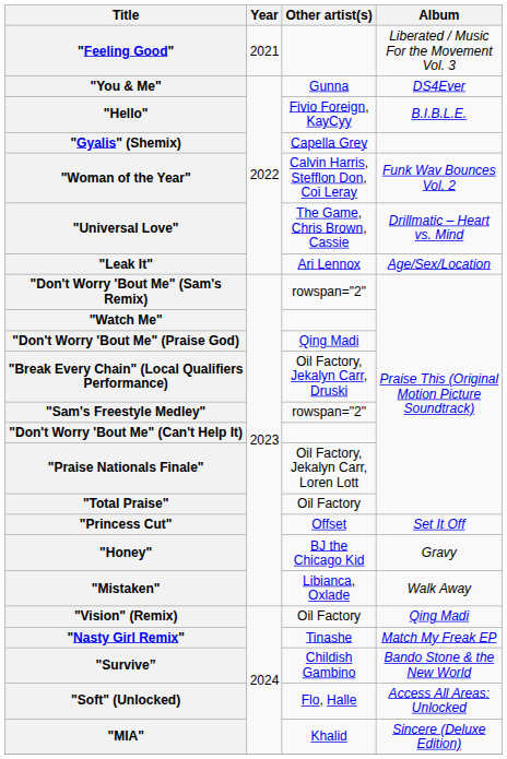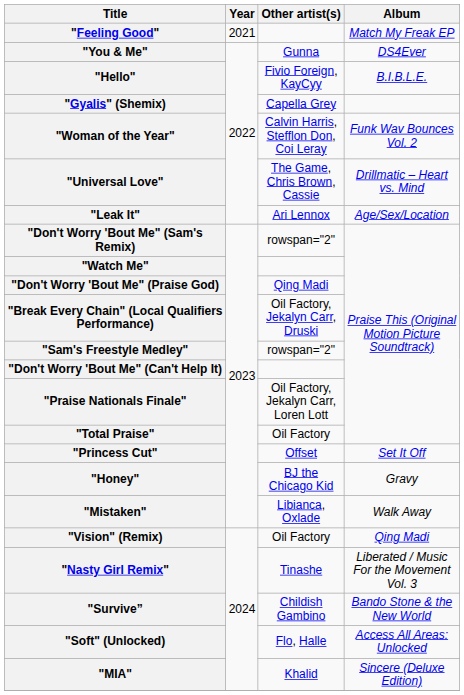 <table class="wikitable plainrowheaders" style="text-align:center;">
 <tr>
 <th scope="col" style="width:18em;">Title</th>
 <th scope="col">Year</th>
 <th scope="col">Other artist(s)</th>
 <th scope="col">Album</th>
 </tr>
 <tr>
 <th scope="row">"<a href='#'>Feeling Good</a>"</th>
 <td>2021</td>
 <td></td>
-<td><em>Liberated / Music For the Movement Vol. 3</em></td>
+<td><em><a href='#'>Match My Freak EP</a></em></td>
 </tr>
 <tr>
 <th scope="row">"You & Me"</th>
 <td rowspan="6">2022</td>
 <td><a href='#'>Gunna</a></td>
 <td><em><a href='#'>DS4Ever</a></em></td>
 </tr>
 <tr>
 <th scope="row">"Hello"</th>
 <td><a href='#'>Fivio Foreign</a>, <a href='#'>KayCyy</a></td>
 <td><em><a href='#'>B.I.B.L.E.</a></em></td>
 </tr>
 <tr>
 <th scope="row">"<a href='#'>Gyalis</a>" (Shemix)</th>
 <td><a href='#'>Capella Grey</a></td>
 <td></td>
 </tr>
 <tr>
 <th scope="row">"Woman of the Year"</th>
 <td><a href='#'>Calvin Harris</a>, <a href='#'>Stefflon Don</a>, <a href='#'>Coi Leray</a></td>
 <td><em><a href='#'>Funk Wav Bounces Vol. 2</a></em></td>
 </tr>
 <tr>
 <th scope="row">"Universal Love"</th>
 <td><a href='#'>The Game</a>, <a href='#'>Chris Brown</a>, <a href='#'>Cassie</a></td>
 <td><em><a href='#'>Drillmatic – Heart vs. Mind</a></em></td>
 </tr>
 <tr>
 <th scope="row">"Leak It"</th>
 <td><a href='#'>Ari Lennox</a></td>
 <td><em><a href='#'>Age/Sex/Location</a></em></td>
 </tr>
 <tr>
 <th scope="row">"Don't Worry 'Bout Me" (Sam's Remix)</th>
 <td rowspan="11">2023</td>
 <td>rowspan="2" </td>
 <td rowspan="8"><em><a href='#'>Praise This (Original Motion Picture Soundtrack)</a></em></td>
 </tr>
 <tr>
 <th scope="row">"Watch Me"</th>
 </tr>
 <tr>
 <th scope="row">"Don't Worry 'Bout Me" (Praise God)</th>
 <td><a href='#'>Qing Madi</a></td>
 </tr>
 <tr>
 <th scope="row">"Break Every Chain" (Local Qualifiers Performance)</th>
 <td>Oil Factory, <a href='#'>Jekalyn Carr</a>, <a href='#'>Druski</a></td>
 </tr>
 <tr>
 <th scope="row">"Sam's Freestyle Medley"</th>
 <td>rowspan="2" </td>
 </tr>
 <tr>
 <th scope="row">"Don't Worry 'Bout Me" (Can't Help It)</th>
 </tr>
 <tr>
 <th scope="row">"Praise Nationals Finale"</th>
 <td>Oil Factory, Jekalyn Carr, Loren Lott</td>
 </tr>
 <tr>
 <th scope="row">"Total Praise"</th>
 <td>Oil Factory</td>
 </tr>
 <tr>
 <th scope="row">"Princess Cut"</th>
 <td><a href='#'>Offset</a></td>
 <td><em><a href='#'>Set It Off</a></em></td>
 </tr>
 <tr>
 <th scope="row">"Honey"</th>
 <td><a href='#'>BJ the Chicago Kid</a></td>
 <td><em>Gravy</em></td>
 </tr>
 <tr>
 <th scope="row">"Mistaken"</th>
 <td><a href='#'>Libianca</a>, <a href='#'>Oxlade</a></td>
 <td><em>Walk Away</em></td>
 </tr>
 <tr>
 <th scope="row">"Vision" (Remix)</th>
 <td rowspan="5">2024</td>
 <td>Oil Factory</td>
 <td><em><a href='#'>Qing Madi</a></em></td>
 </tr>
 <tr>
 <th scope="row">"<a href='#'>Nasty Girl Remix</a>"</th>
 <td><a href='#'>Tinashe</a></td>
-<td><em><a href='#'>Match My Freak EP</a></em></td>
+<td><em>Liberated / Music For the Movement Vol. 3</em></td>
 </tr>
 <tr>
 <th scope="row">"Survive”</th>
 <td><a href='#'>Childish Gambino</a></td>
 <td><em><a href='#'>Bando Stone & the New World</a></em></td>
 </tr>
 <tr>
 <th scope="row">"Soft" (Unlocked)</th>
 <td><a href='#'>Flo</a>, <a href='#'>Halle</a></td>
 <td><em><a href='#'>Access All Areas: Unlocked</a></em></td>
 </tr>
 <tr>
 <th scope="row">"MIA"</th>
 <td><a href='#'>Khalid</a></td>
 <td><em><a href='#'>Sincere (Deluxe Edition)</a></em></td>
 </tr>
 <tr>
 </tr>
 </table>
